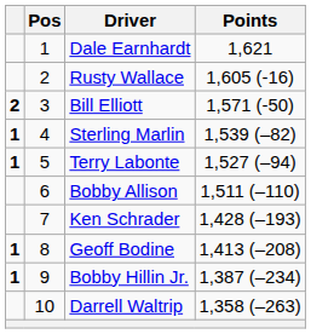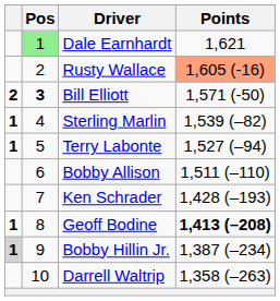 <table class="wikitable" style="font-size: 95%;">
 <tr>
 <th></th>
 <th>Pos</th>
 <th>Driver</th>
 <th>Points</th>
 </tr>
 <tr>
 <td align="left"></td>
-<td style="text-align:center;">1</td>
+<td style="background: lightgreen; text-align:center;">1</td>
 <td><a href='#'>Dale Earnhardt</a></td>
 <td style="text-align:center;">1,621</td>
 </tr>
 <tr>
 <td align="left"></td>
 <td style="text-align:center;">2</td>
 <td><a href='#'>Rusty Wallace</a></td>
-<td style="text-align:center;">1,605 (-16)</td>
+<td style="background: lightsalmon; text-align:center;">1,605 (-16)</td>
 </tr>
 <tr>
 <td align="left">  <strong>2</strong></td>
-<td style="text-align:center;">3</td>
+<td style="text-align:center;"><strong>3</strong></td>
 <td><a href='#'>Bill Elliott</a></td>
 <td style="text-align:center;">1,571 (-50)</td>
 </tr>
 <tr>
 <td align="left">  <strong>1</strong></td>
 <td style="text-align:center;">4</td>
 <td><a href='#'>Sterling Marlin</a></td>
 <td style="text-align:center;">1,539 (–82)</td>
 </tr>
 <tr>
 <td align="left">  <strong>1</strong></td>
 <td style="text-align:center;">5</td>
 <td><a href='#'>Terry Labonte</a></td>
 <td style="text-align:center;">1,527 (–94)</td>
 </tr>
 <tr>
 <td align="left"></td>
 <td style="text-align:center;">6</td>
 <td><a href='#'>Bobby Allison</a></td>
 <td style="text-align:center;">1,511 (–110)</td>
 </tr>
 <tr>
 <td align="left"></td>
 <td style="text-align:center;">7</td>
 <td><a href='#'>Ken Schrader</a></td>
 <td style="text-align:center;">1,428 (–193)</td>
 </tr>
 <tr>
 <td align="left">  <strong>1</strong></td>
 <td style="text-align:center;">8</td>
 <td><a href='#'>Geoff Bodine</a></td>
-<td style="text-align:center;">1,413 (–208)</td>
+<td style="text-align:center;"><strong>1,413 (–208)</strong></td>
 </tr>
 <tr>
-<td align="left">  <strong>1</strong></td>
+<td align="left" style="background: lightgrey;">  <strong>1</strong></td>
 <td style="text-align:center;">9</td>
 <td><a href='#'>Bobby Hillin Jr.</a></td>
 <td style="text-align:center;">1,387 (–234)</td>
 </tr>
 <tr>
 <td align="left"></td>
 <td style="text-align:center;">10</td>
 <td><a href='#'>Darrell Waltrip</a></td>
 <td style="text-align:center;">1,358 (–263)</td>
 </tr>
 <tr class="sortbottom">
 <th colspan="9"></th>
 </tr>
 </table>
